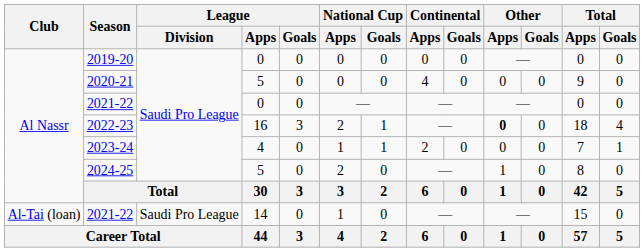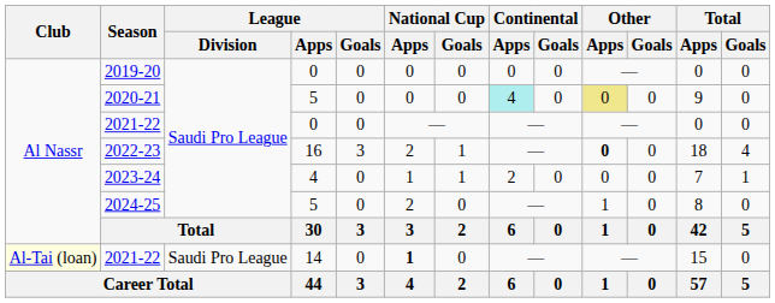 <table class="wikitable" style="text-align: center">
 <tr>
 <th rowspan="2">Club</th>
 <th rowspan="2">Season</th>
 <th colspan="3">League</th>
 <th colspan="2">National Cup</th>
 <th colspan="2">Continental</th>
 <th colspan="2">Other</th>
 <th colspan="2">Total</th>
 </tr>
 <tr>
 <th>Division</th>
 <th>Apps</th>
 <th>Goals</th>
 <th>Apps</th>
 <th>Goals</th>
 <th>Apps</th>
 <th>Goals</th>
 <th>Apps</th>
 <th>Goals</th>
 <th>Apps</th>
 <th>Goals</th>
 </tr>
 <tr>
 <td rowspan="7"><a href='#'>Al Nassr</a></td>
 <td><a href='#'>2019-20</a></td>
 <td rowspan="6"><a href='#'>Saudi Pro League</a></td>
 <td>0</td>
 <td>0</td>
 <td>0</td>
 <td>0</td>
 <td>0</td>
 <td>0</td>
 <td colspan="2">—</td>
 <td>0</td>
 <td>0</td>
 </tr>
 <tr>
 <td><a href='#'>2020-21</a></td>
 <td>5</td>
 <td>0</td>
 <td>0</td>
 <td>0</td>
-<td>4</td>
+<td style="background: paleturquoise;">4</td>
 <td>0</td>
-<td>0</td>
+<td style="background: khaki;">0</td>
 <td>0</td>
 <td>9</td>
 <td>0</td>
 </tr>
 <tr>
 <td><a href='#'>2021-22</a></td>
 <td>0</td>
 <td>0</td>
 <td colspan="2">—</td>
 <td colspan="2">—</td>
 <td colspan="2">—</td>
 <td>0</td>
 <td>0</td>
 </tr>
 <tr>
 <td><a href='#'>2022-23</a></td>
 <td>16</td>
 <td>3</td>
 <td>2</td>
 <td>1</td>
 <td colspan="2">—</td>
 <td><strong>0</strong></td>
 <td>0</td>
 <td>18</td>
 <td>4</td>
 </tr>
 <tr>
 <td><a href='#'>2023-24</a></td>
 <td>4</td>
 <td>0</td>
 <td>1</td>
 <td>1</td>
 <td>2</td>
 <td>0</td>
 <td>0</td>
 <td>0</td>
 <td>7</td>
 <td>1</td>
 </tr>
 <tr>
 <td><a href='#'>2024-25</a></td>
 <td>5</td>
 <td>0</td>
 <td>2</td>
 <td>0</td>
 <td colspan="2">—</td>
 <td>1</td>
 <td>0</td>
 <td>8</td>
 <td>0</td>
 </tr>
 <tr>
 <th colspan="2">Total</th>
 <th>30</th>
 <th>3</th>
 <th>3</th>
 <th>2</th>
 <th>6</th>
 <th>0</th>
 <th>1</th>
 <th>0</th>
 <th>42</th>
 <th>5</th>
 </tr>
 <tr>
-<td><a href='#'>Al-Tai</a> (loan)</td>
+<td style="background: lightyellow;"><a href='#'>Al-Tai</a> (loan)</td>
 <td><a href='#'>2021-22</a></td>
 <td>Saudi Pro League</td>
 <td>14</td>
 <td>0</td>
-<td>1</td>
+<td><strong>1</strong></td>
 <td>0</td>
 <td colspan="2">—</td>
 <td colspan="2">—</td>
 <td>15</td>
 <td>0</td>
 </tr>
 <tr>
 <th colspan="3">Career Total</th>
 <th>44</th>
 <th>3</th>
 <th>4</th>
 <th>2</th>
 <th>6</th>
 <th>0</th>
 <th>1</th>
 <th>0</th>
 <th>57</th>
 <th>5</th>
 </tr>
 </table>
